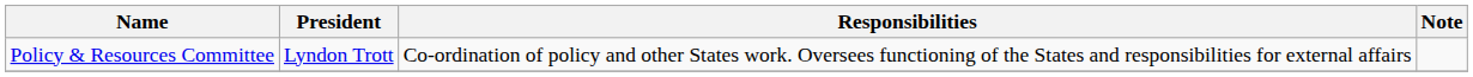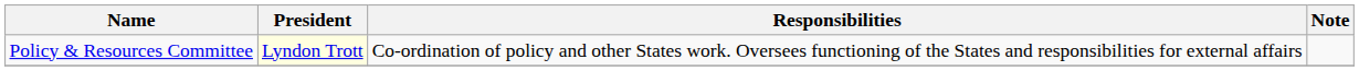 <table class="wikitable">
 <tr>
 <th>Name</th>
 <th>President</th>
 <th>Responsibilities</th>
 <th>Note</th>
 </tr>
 <tr>
 <td><a href='#'>Policy & Resources Committee</a></td>
-<td><a href='#'>Lyndon Trott</a></td>
+<td style="background: lightyellow;"><a href='#'>Lyndon Trott</a></td>
 <td>Co-ordination of policy and other States work. Oversees functioning of the States and responsibilities for external affairs</td>
 <td></td>
 </tr>
 <tr>
 </tr>
 </table>
